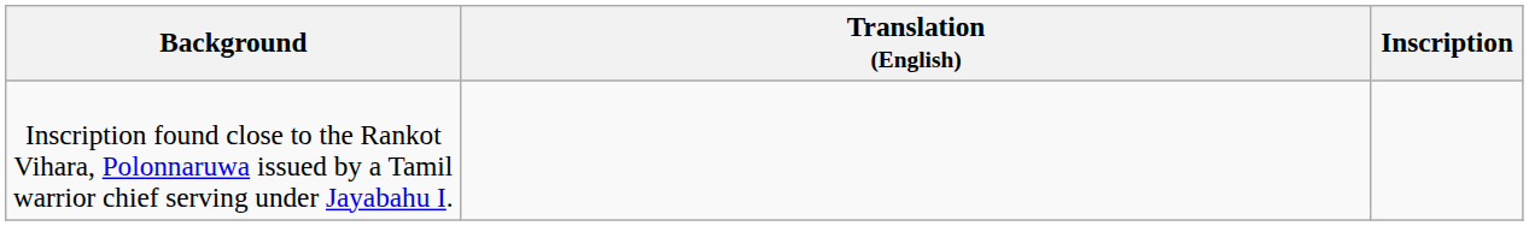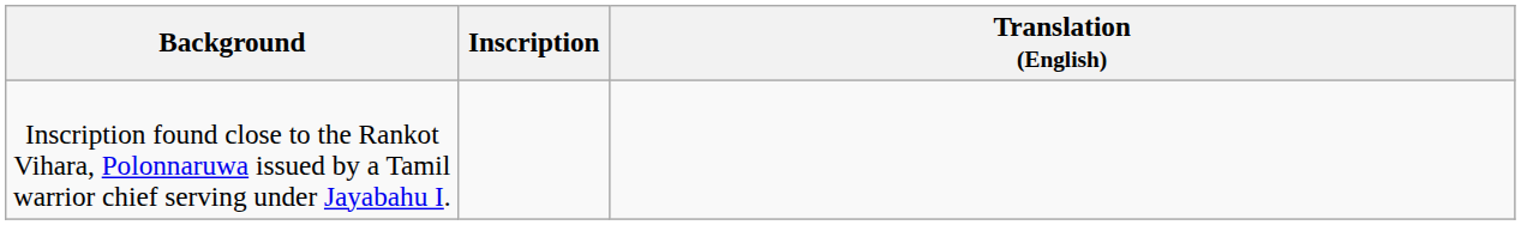 <table class="wikitable centre">
 <tr>
 <th scope="col" align=left>Background<br></th>
+<th>Inscription<br></th>
 <th>Translation<br><small>(English)</small></th>
-<th>Inscription<br></th>
 </tr>
 <tr>
 <td align=center width="30%"><br>Inscription found close to the Rankot Vihara, <a href='#'>Polonnaruwa</a> issued by a Tamil warrior chief serving under <a href='#'>Jayabahu I</a>.</td>
+<td align=center width="10%"><br></td>
 <td align=left><br></td>
-<td align=center width="10%"><br></td>
 </tr>
 </table>
